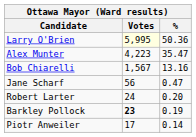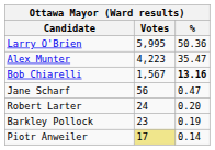 <table class="wikitable">
 <tr>
 <th colspan="3">Ottawa Mayor (Ward results)</th>
 </tr>
 <tr>
 <th style="width: 170px">Candidate</th>
 <th style="width: 50px">Votes</th>
 <th style="width: 40px">%</th>
 </tr>
 <tr>
 <td><a href='#'>Larry O'Brien</a></td>
-<td style="background: lightyellow;">5,995</td>
+<td>5,995</td>
 <td>50.36</td>
 </tr>
 <tr>
 <td><a href='#'>Alex Munter</a></td>
 <td>4,223</td>
 <td>35.47</td>
 </tr>
 <tr>
 <td><a href='#'>Bob Chiarelli</a></td>
 <td>1,567</td>
-<td>13.16</td>
+<td><strong>13.16</strong></td>
 </tr>
 <tr>
 <td>Jane Scharf</td>
 <td>56</td>
 <td>0.47</td>
 </tr>
 <tr>
 <td>Robert Larter</td>
 <td>24</td>
 <td>0.20</td>
 </tr>
 <tr>
 <td>Barkley Pollock</td>
-<td><strong>23</strong></td>
+<td>23</td>
 <td>0.19</td>
 </tr>
 <tr>
 <td>Piotr Anweiler</td>
-<td>17</td>
+<td style="background: khaki;">17</td>
 <td>0.14</td>
 </tr>
 </table>
